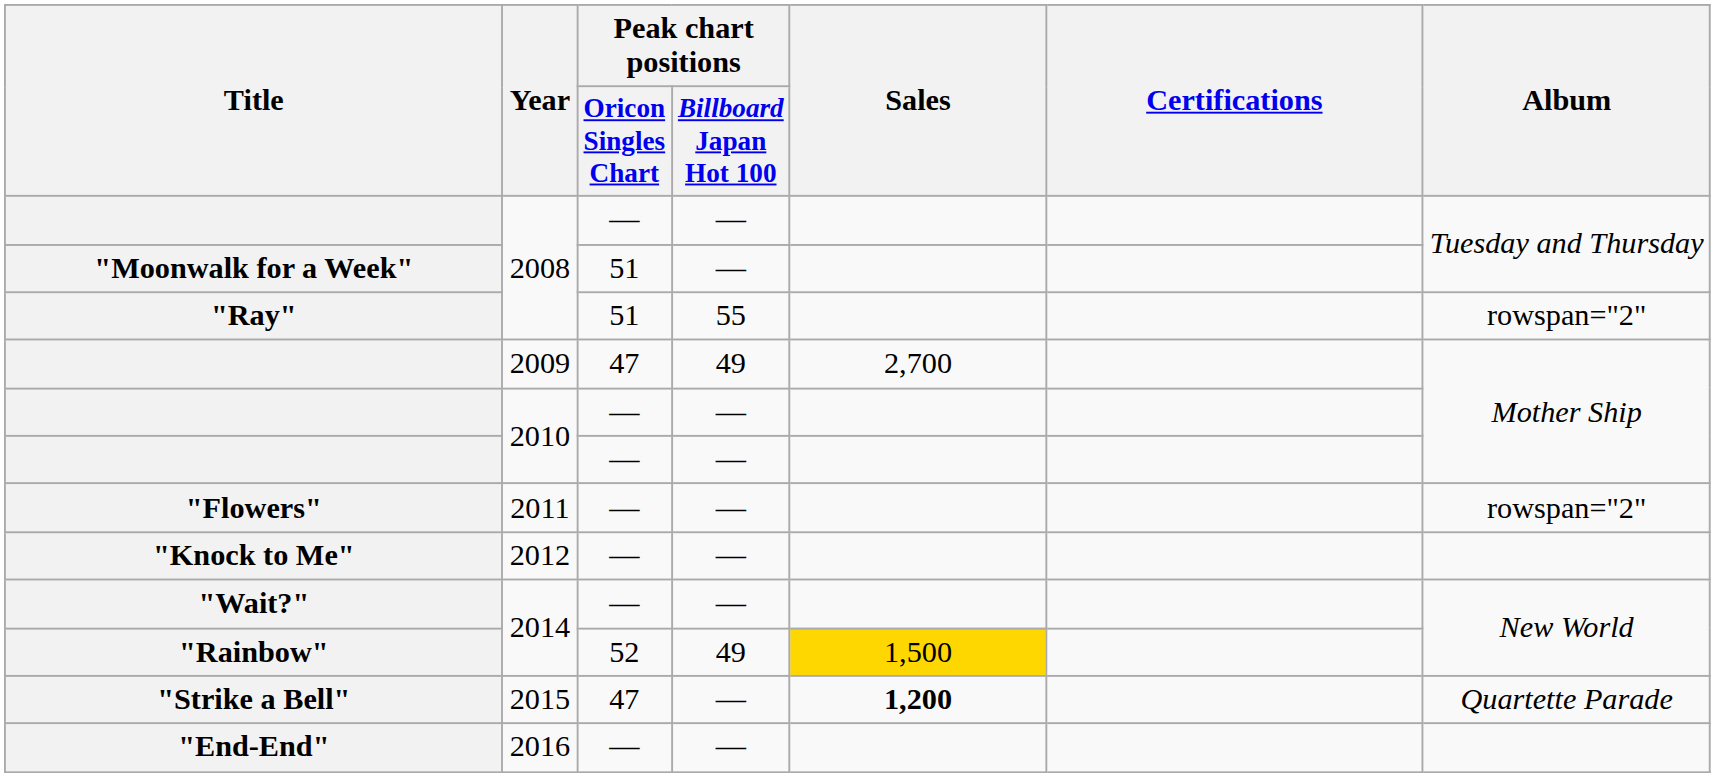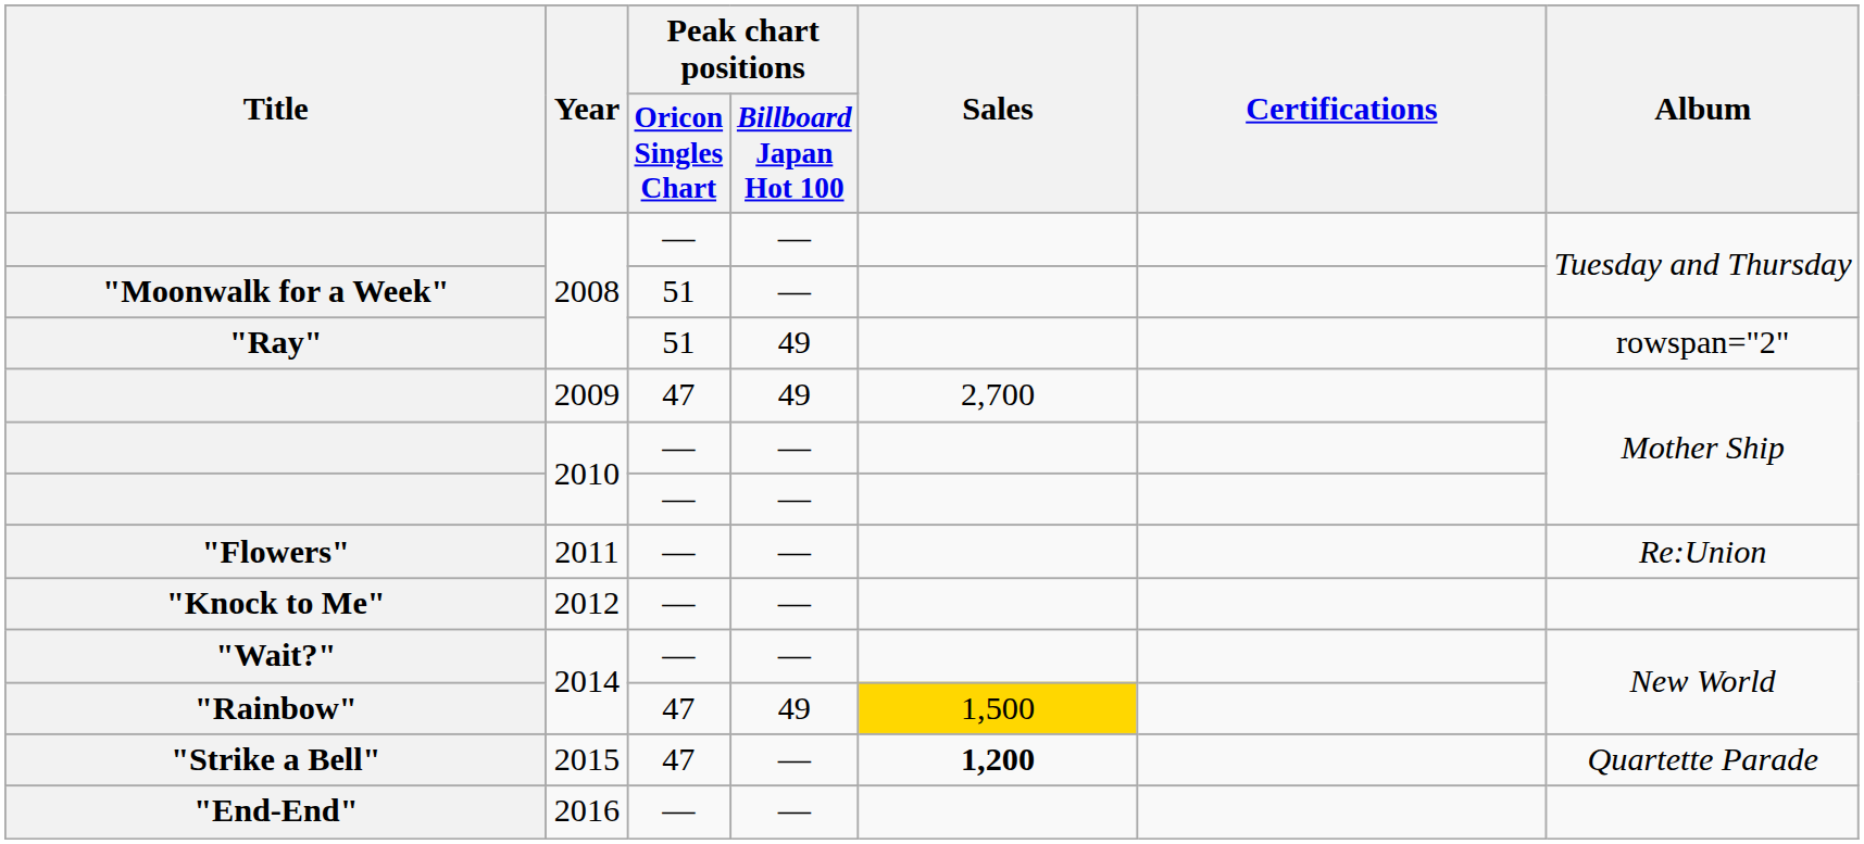 <table class="wikitable plainrowheaders" style="text-align:center;" border="1">
 <tr>
 <th scope="col" rowspan="2" style="width:16em;">Title</th>
 <th scope="col" rowspan="2">Year</th>
 <th scope="col" colspan="2">Peak chart positions</th>
 <th scope="col" rowspan="2" style="width:8em;">Sales</th>
 <th scope="col" rowspan="2" style="width:12em;"><a href='#'>Certifications</a></th>
 <th scope="col" rowspan="2">Album</th>
 </tr>
 <tr>
 <th scope="col" style="width:3em;font-size:90%;"><a href='#'>Oricon Singles Chart</a><br></th>
 <th scope="col" style="width:3em;font-size:90%;"><em><a href='#'>Billboard</a></em> <a href='#'>Japan Hot 100</a><br></th>
 </tr>
 <tr>
 <th scope="row"></th>
 <td rowspan="3">2008</td>
 <td>—</td>
 <td>—</td>
 <td></td>
 <td></td>
 <td rowspan="2"><em>Tuesday and Thursday</em></td>
 </tr>
 <tr>
 <th scope="row">"Moonwalk for a Week"</th>
 <td>51</td>
 <td>—</td>
 <td></td>
 <td></td>
 </tr>
 <tr>
 <th scope="row">"Ray"</th>
 <td>51</td>
-<td>55</td>
+<td>49</td>
 <td></td>
 <td></td>
 <td>rowspan="2" </td>
 </tr>
 <tr>
 <th scope="row"></th>
 <td>2009</td>
 <td>47</td>
 <td>49</td>
 <td>2,700</td>
 <td></td>
 <td rowspan="3"><em>Mother Ship</em></td>
 </tr>
 <tr>
 <th scope="row"></th>
 <td rowspan="2">2010</td>
 <td>—</td>
 <td>—</td>
 <td></td>
 <td></td>
 </tr>
 <tr>
 <th scope="row"></th>
 <td>—</td>
 <td>—</td>
 <td></td>
 <td></td>
 </tr>
 <tr>
 <th scope="row">"Flowers"</th>
 <td>2011</td>
 <td>—</td>
 <td>—</td>
 <td></td>
 <td></td>
-<td>rowspan="2" </td>
+<td><em>Re:Union</em></td>
 </tr>
 <tr>
 <th scope="row">"Knock to Me"</th>
 <td>2012</td>
 <td>—</td>
 <td>—</td>
 <td></td>
 <td></td>
 <td></td>
 </tr>
 <tr>
 <th scope="row">"Wait?"</th>
 <td rowspan="2">2014</td>
 <td>—</td>
 <td>—</td>
 <td></td>
 <td></td>
 <td rowspan="2"><em>New World</em></td>
 </tr>
 <tr>
 <th scope="row">"Rainbow"</th>
-<td>52</td>
+<td>47</td>
 <td>49</td>
 <td style="background: gold;">1,500</td>
 <td></td>
 </tr>
 <tr>
 <th scope="row">"Strike a Bell"</th>
 <td>2015</td>
 <td>47</td>
 <td>—</td>
 <td><strong>1,200</strong></td>
 <td></td>
 <td><em>Quartette Parade</em></td>
 </tr>
 <tr>
 <th scope="row">"End-End"</th>
 <td>2016</td>
 <td>—</td>
 <td>—</td>
 <td></td>
 <td></td>
 </tr>
 </table>
